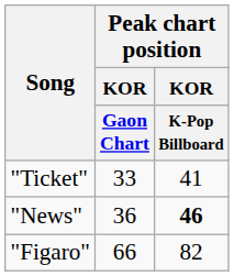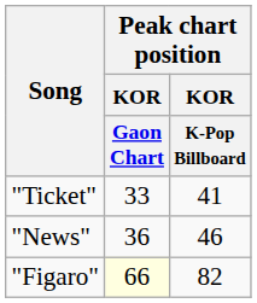 <table class="wikitable sortable" style="text-align:center;">
 <tr>
 <th rowspan="3">Song</th>
 <th colspan="9">Peak chart position</th>
 </tr>
 <tr>
 <th colspan="1" width="30"><small>KOR</small></th>
 <th colspan width="30"><small>KOR</small></th>
 </tr>
 <tr style="font-size:smaller;">
 <th><a href='#'>Gaon Chart</a></th>
 <th width="30"><small>K-Pop Billboard</small></th>
 </tr>
 <tr>
 <td align="left">"Ticket"</td>
 <td>33</td>
 <td>41</td>
 </tr>
 <tr>
 <td align="left">"News"</td>
 <td>36</td>
-<td><strong>46</strong></td>
+<td>46</td>
 </tr>
 <tr>
 <td align="left">"Figaro"</td>
-<td>66</td>
+<td style="background: lightyellow;">66</td>
 <td>82</td>
 </tr>
 </table>
